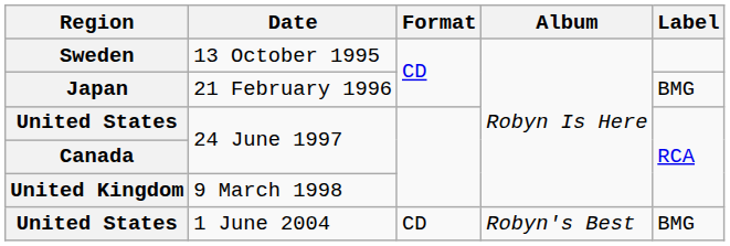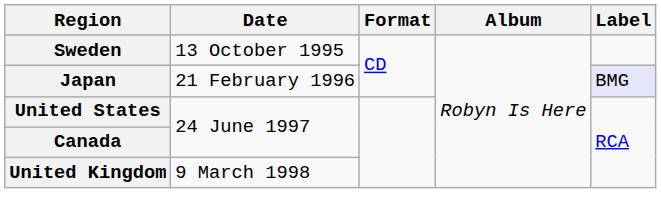 <table class="wikitable plainrowheaders">
 <tr>
 <th scope="col">Region</th>
 <th scope="col">Date</th>
 <th scope="col">Format</th>
 <th scope="col">Album</th>
 <th scope="col">Label</th>
 </tr>
 <tr>
 <th scope="row">Sweden</th>
 <td>13 October 1995</td>
 <td rowspan="2"><a href='#'>CD</a></td>
 <td rowspan="5"><em>Robyn Is Here</em></td>
 <td></td>
 </tr>
 <tr>
 <th scope="row">Japan</th>
 <td>21 February 1996</td>
-<td>BMG</td>
+<td style="background: lavender;">BMG</td>
 </tr>
 <tr>
 <th scope="row">United States</th>
 <td rowspan="2">24 June 1997</td>
 <td rowspan="3"></td>
 <td rowspan="3"><a href='#'>RCA</a></td>
 </tr>
 <tr>
 <th scope="row">Canada</th>
 </tr>
 <tr>
 <th scope="row">United Kingdom</th>
 <td>9 March 1998</td>
 </tr>
-<tr>
-<th scope="row">United States</th>
-<td>1 June 2004</td>
-<td>CD</td>
-<td><em>Robyn's Best</em></td>
-<td>BMG</td>
-</tr>
 </table>
